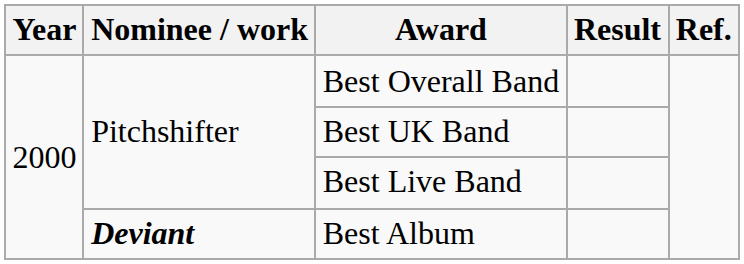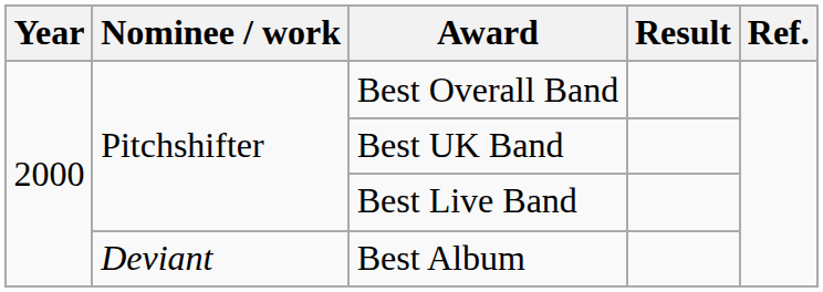 <table class="wikitable">
 <tr>
 <th>Year</th>
 <th>Nominee / work</th>
 <th>Award</th>
 <th>Result</th>
 <th>Ref.</th>
 </tr>
 <tr>
 <td rowspan="4">2000</td>
 <td rowspan="3">Pitchshifter</td>
 <td>Best Overall Band</td>
 <td></td>
 <td rowspan="4"></td>
 </tr>
 <tr>
 <td>Best UK Band</td>
 <td></td>
 </tr>
 <tr>
 <td>Best Live Band</td>
 <td></td>
 </tr>
 <tr>
-<td><strong><em>Deviant</em></strong></td>
+<td><em>Deviant</em></td>
 <td>Best Album</td>
 <td></td>
 </tr>
 </table>
